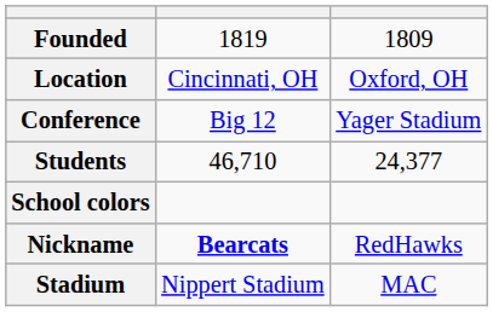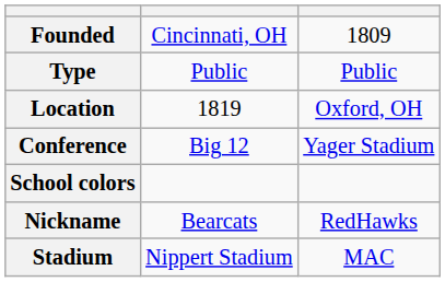 <table class="wikitable" style="float:right; clear:right; margin-left:1em; font-size:88%;">
 <tr>
 <th></th>
 <th><a href='#'></a></th>
 <th><a href='#'></a></th>
 </tr>
 <tr>
 <th scope=row>Founded</th>
-<td align=center>1819</td>
+<td align=center><a href='#'>Cincinnati, OH</a></td>
 <td align=center>1809</td>
 </tr>
 <tr>
+<th scope=row>Type</th>
+<td align=center><a href='#'>Public</a></td>
+<td align=center><a href='#'>Public</a></td>
+</tr>
+<tr>
 <th scope=row>Location</th>
-<td align=center><a href='#'>Cincinnati, OH</a></td>
+<td align=center>1819</td>
 <td align=center><a href='#'>Oxford, OH</a></td>
 </tr>
 <tr>
 <th scope=row>Conference</th>
 <td align=center><a href='#'>Big 12</a></td>
 <td align=center><a href='#'>Yager Stadium</a></td>
 </tr>
 <tr>
-<th scope=row>Students</th>
-<td align=center>46,710</td>
-<td align=center>24,377</td>
-</tr>
-<tr>
 <th scope=row>School colors</th>
 <td align=center> </td>
 <td align=center> </td>
 </tr>
 <tr>
 <th scope=row>Nickname</th>
-<td align=center><strong><a href='#'>Bearcats</a></strong></td>
+<td align=center><a href='#'>Bearcats</a></td>
 <td align=center><a href='#'>RedHawks</a></td>
 </tr>
 <tr>
 <th scope=row>Stadium</th>
 <td align=center><a href='#'>Nippert Stadium</a></td>
 <td align=center><a href='#'>MAC</a></td>
 </tr>
 </table>
